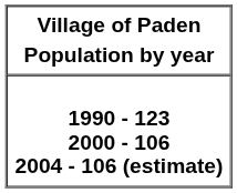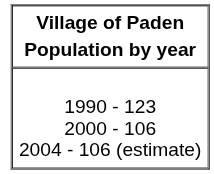 <table border="1" cellspacing="0" cellpadding="5" style="float:right; margin-left:15px;">
 <tr>
 <td align=center><strong>Village of Paden<br>Population by year <sup></sup></strong></td>
 </tr>
 <tr>
-<td align="center"><strong><br>1990 - 123<br> 2000 - 106<br> 2004 - 106 (estimate)<br></strong></td>
+<td align="center"><br>1990 - 123<br> 2000 - 106<br> 2004 - 106 (estimate)<br></td>
 </tr>
 </table>
